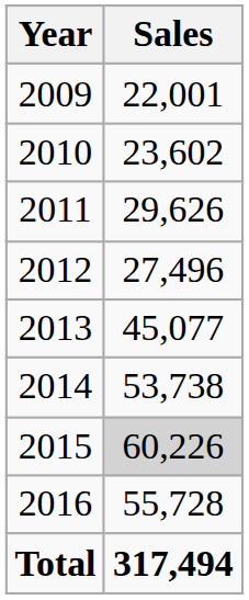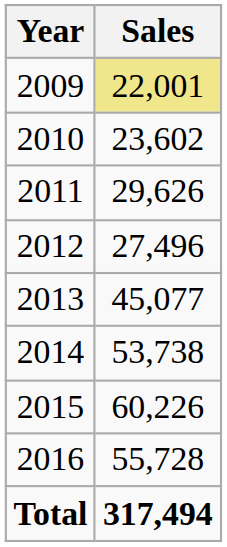 <table class="wikitable" style="float:center; clear:center; margin:0 0 1em 1em; text-align:center;">
 <tr>
 <th>Year</th>
 <th>Sales</th>
 </tr>
 <tr>
 <td>2009</td>
-<td>22,001</td>
+<td style="background: khaki;">22,001</td>
 </tr>
 <tr>
 <td>2010</td>
 <td>23,602</td>
 </tr>
 <tr>
 <td>2011</td>
 <td>29,626</td>
 </tr>
 <tr>
 <td>2012</td>
 <td>27,496</td>
 </tr>
 <tr>
 <td>2013</td>
 <td>45,077</td>
 </tr>
 <tr>
 <td>2014</td>
 <td>53,738</td>
 </tr>
 <tr>
 <td>2015</td>
-<td style="background: lightgrey;">60,226</td>
+<td>60,226</td>
 </tr>
 <tr>
 <td>2016</td>
 <td>55,728</td>
 </tr>
 <tr>
 <td><strong>Total</strong></td>
 <td><strong>317,494</strong></td>
 </tr>
 </table>
